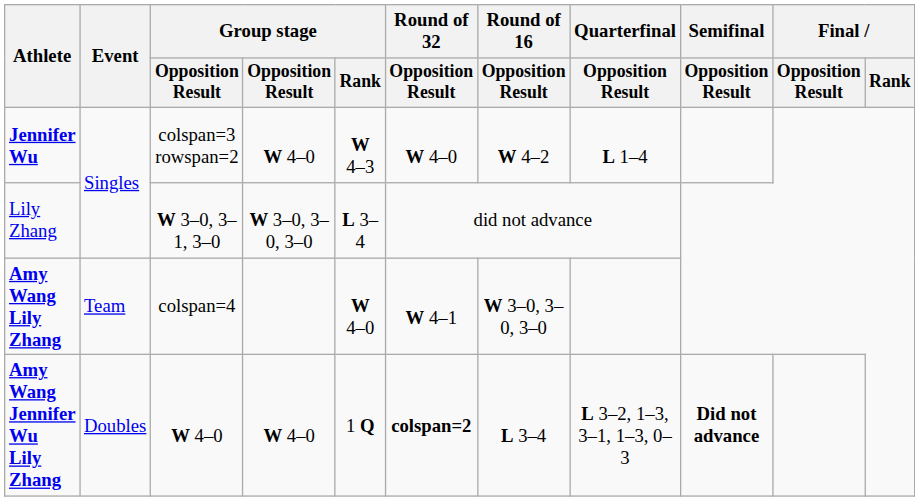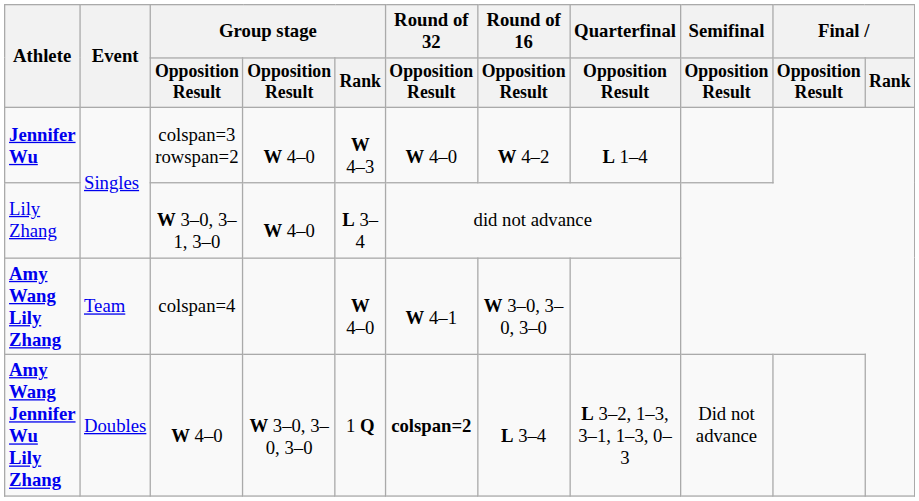 <table class=wikitable style=font-size:90%;text-align:center>
 <tr>
 <th rowspan=2>Athlete</th>
 <th rowspan=2>Event</th>
 <th colspan=3>Group stage</th>
 <th>Round of 32</th>
 <th>Round of 16</th>
 <th>Quarterfinal</th>
 <th>Semifinal</th>
 <th colspan=2>Final / </th>
 </tr>
 <tr style=font-size:95%>
 <th>Opposition<br>Result</th>
 <th>Opposition<br>Result</th>
 <th>Rank</th>
 <th>Opposition<br>Result</th>
 <th>Opposition<br>Result</th>
 <th>Opposition<br>Result</th>
 <th>Opposition<br>Result</th>
 <th>Opposition<br>Result</th>
 <th>Rank</th>
 </tr>
 <tr>
 <td align=left><strong><a href='#'>Jennifer Wu</a></strong></td>
 <td align=left rowspan=2><a href='#'>Singles</a></td>
 <td>colspan=3 rowspan=2 </td>
 <td><br><strong>W</strong> 4–0</td>
 <td><br><strong>W</strong> 4–3</td>
 <td><br><strong>W</strong> 4–0</td>
 <td><br><strong>W</strong> 4–2</td>
 <td><br><strong>L</strong> 1–4</td>
 <td></td>
 </tr>
 <tr>
 <td align=left><a href='#'>Lily Zhang</a></td>
 <td><br><strong>W</strong> 3–0, 3–1, 3–0</td>
-<td><br><strong>W</strong> 3–0, 3–0, 3–0</td>
+<td><br><strong>W</strong> 4–0</td>
 <td><br><strong>L</strong> 3–4</td>
 <td colspan=3>did not advance</td>
 </tr>
 <tr>
 <td align=left><strong><a href='#'>Amy Wang</a><br><a href='#'>Lily Zhang</a></strong></td>
 <td align=left><a href='#'>Team</a></td>
 <td>colspan=4 </td>
 <td></td>
 <td><br><strong>W</strong> 4–0</td>
 <td><br><strong>W</strong> 4–1</td>
 <td><br><strong>W</strong> 3–0, 3–0, 3–0</td>
 <td></td>
 </tr>
 <tr>
 <td align=left><strong><a href='#'>Amy Wang</a><br><a href='#'>Jennifer Wu</a><br><a href='#'>Lily Zhang</a></strong></td>
 <td align=left><a href='#'>Doubles</a></td>
 <td><br><strong>W</strong> 4–0</td>
-<td><br><strong>W</strong> 4–0</td>
+<td><br><strong>W</strong> 3–0, 3–0, 3–0</td>
 <td>1 <strong>Q</strong></td>
 <td><strong>colspan=2 </strong></td>
 <td><br><strong>L</strong> 3–4</td>
 <td><br><strong>L</strong> 3–2, 1–3, 3–1, 1–3, 0–3</td>
-<td><strong>Did not advance</strong></td>
+<td>Did not advance</td>
 <td></td>
 </tr>
 </table>
